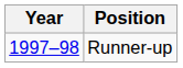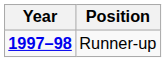 <table class = "wikitable sortable">
 <tr>
 <th>Year</th>
 <th>Position</th>
 </tr>
 <tr>
-<td><a href='#'>1997–98</a></td>
+<td><strong><a href='#'>1997–98</a></strong></td>
 <td>Runner-up</td>
 </tr>
 </table>
